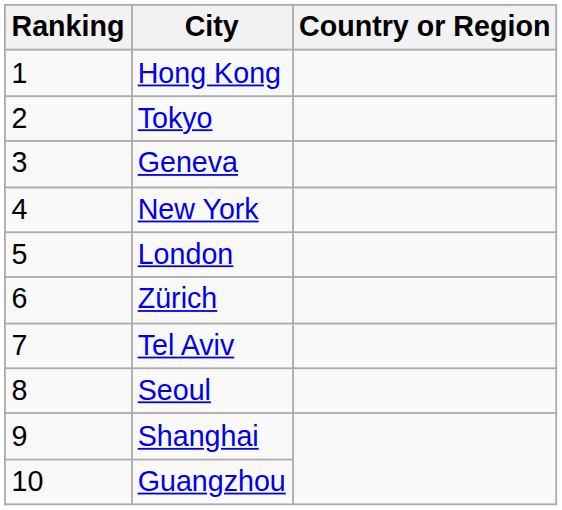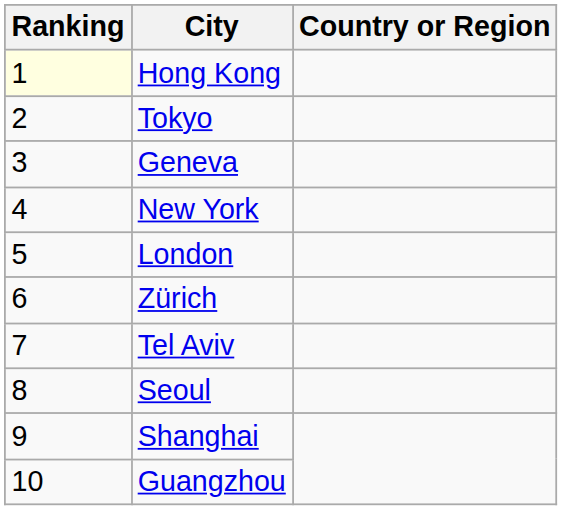 <table class="wikitable sortable">
 <tr>
 <th scope="col">Ranking</th>
 <th scope="col">City</th>
 <th scope="col">Country or Region</th>
 </tr>
 <tr>
-<td>1</td>
+<td style="background: lightyellow;">1</td>
 <td><a href='#'>Hong Kong</a></td>
 <td></td>
 </tr>
 <tr>
 <td>2</td>
 <td><a href='#'>Tokyo</a></td>
 <td></td>
 </tr>
 <tr>
 <td>3</td>
 <td><a href='#'>Geneva</a></td>
 <td></td>
 </tr>
 <tr>
 <td>4</td>
 <td><a href='#'>New York</a></td>
 <td></td>
 </tr>
 <tr>
 <td>5</td>
 <td><a href='#'>London</a></td>
 <td></td>
 </tr>
 <tr>
 <td>6</td>
 <td><a href='#'>Zürich</a></td>
 <td></td>
 </tr>
 <tr>
 <td>7</td>
 <td><a href='#'>Tel Aviv</a></td>
 <td></td>
 </tr>
 <tr>
 <td>8</td>
 <td><a href='#'>Seoul</a></td>
 <td></td>
 </tr>
 <tr>
 <td>9</td>
 <td><a href='#'>Shanghai</a></td>
 <td rowspan="2"></td>
 </tr>
 <tr>
 <td>10</td>
 <td><a href='#'>Guangzhou</a></td>
 </tr>
 </table>
